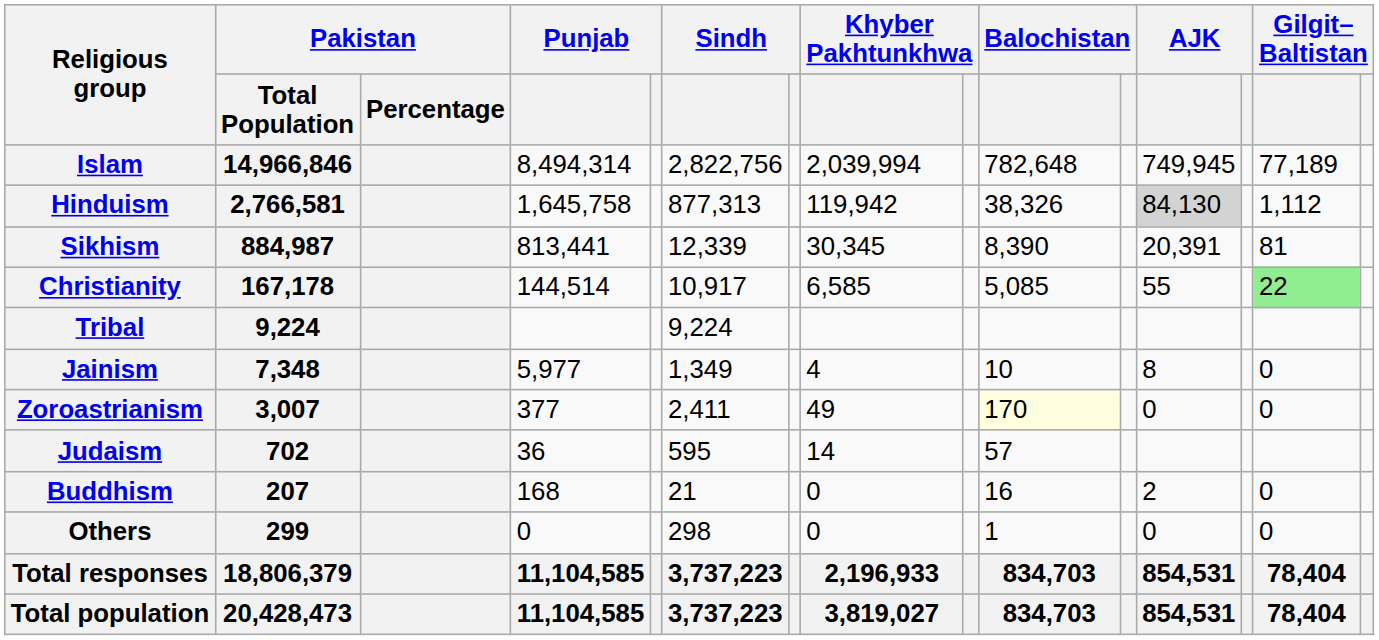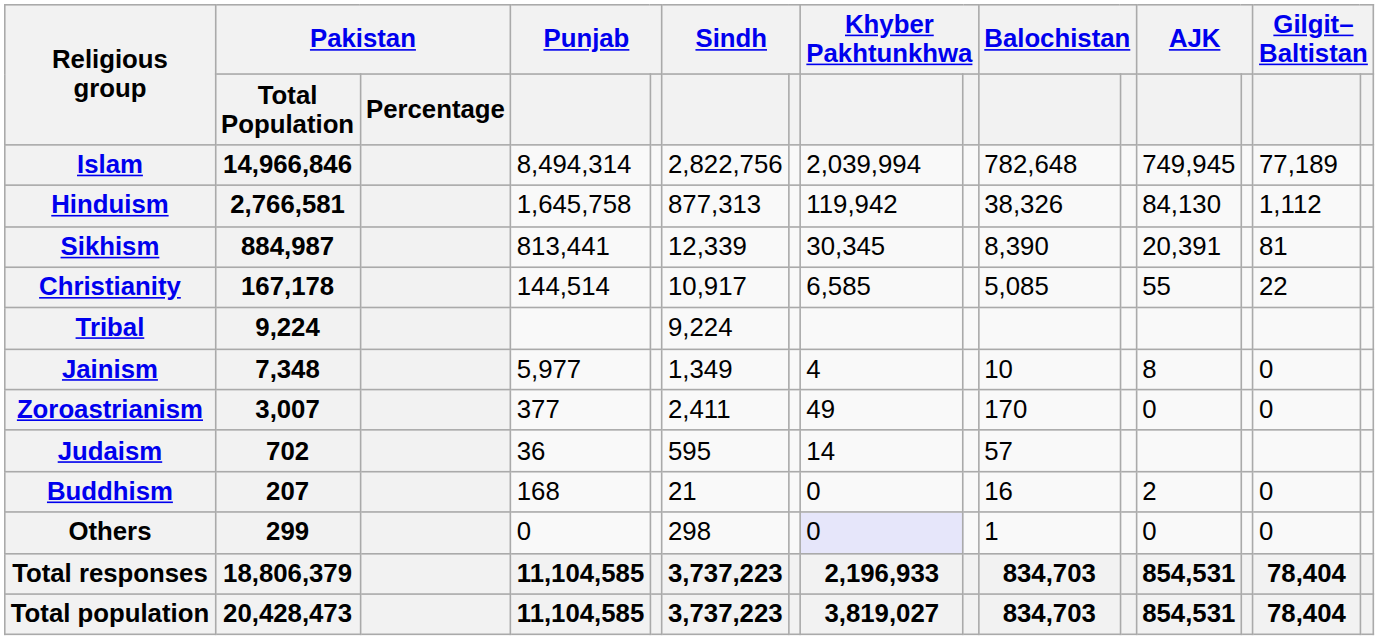 <table class="wikitable sortable">
 <tr>
 <th rowspan="2">Religious<br>group</th>
 <th colspan="2"><a href='#'>Pakistan</a></th>
 <th colspan="2"><a href='#'>Punjab</a></th>
 <th colspan="2"><a href='#'>Sindh</a></th>
 <th colspan="2"><a href='#'>Khyber<br>Pakhtunkhwa</a></th>
 <th colspan="2"><a href='#'>Balochistan</a></th>
 <th colspan="2"><a href='#'>AJK</a></th>
 <th colspan="2"><a href='#'>Gilgit–<br>Baltistan</a></th>
 </tr>
 <tr>
 <th>Total<br>Population</th>
 <th>Percentage</th>
 <th><a href='#'></a></th>
 <th></th>
 <th></th>
 <th></th>
 <th></th>
 <th></th>
 <th></th>
 <th></th>
 <th></th>
 <th></th>
 <th></th>
 <th></th>
 </tr>
 <tr>
 <th><a href='#'>Islam</a> </th>
 <th>14,966,846</th>
 <th></th>
 <td>8,494,314</td>
 <td></td>
 <td>2,822,756</td>
 <td></td>
 <td>2,039,994</td>
 <td></td>
 <td>782,648</td>
 <td></td>
 <td>749,945</td>
 <td></td>
 <td>77,189</td>
 <td></td>
 </tr>
 <tr>
 <th><a href='#'>Hinduism</a> </th>
 <th>2,766,581</th>
 <th></th>
 <td>1,645,758</td>
 <td></td>
 <td>877,313</td>
 <td></td>
 <td>119,942</td>
 <td></td>
 <td>38,326</td>
 <td></td>
-<td style="background: lightgrey;">84,130</td>
+<td>84,130</td>
 <td></td>
 <td>1,112</td>
 <td></td>
 </tr>
 <tr>
 <th><a href='#'>Sikhism</a> </th>
 <th>884,987</th>
 <th></th>
 <td>813,441</td>
 <td></td>
 <td>12,339</td>
 <td></td>
 <td>30,345</td>
 <td></td>
 <td>8,390</td>
 <td></td>
 <td>20,391</td>
 <td></td>
 <td>81</td>
 <td></td>
 </tr>
 <tr>
 <th><a href='#'>Christianity</a> </th>
 <th>167,178</th>
 <th></th>
 <td>144,514</td>
 <td></td>
 <td>10,917</td>
 <td></td>
 <td>6,585</td>
 <td></td>
 <td>5,085</td>
 <td></td>
 <td>55</td>
 <td></td>
-<td style="background: lightgreen;">22</td>
+<td>22</td>
 <td></td>
 </tr>
 <tr>
 <th><a href='#'>Tribal</a></th>
 <th>9,224</th>
 <th></th>
 <td></td>
 <td></td>
 <td>9,224</td>
 <td></td>
 <td></td>
 <td></td>
 <td></td>
 <td></td>
 <td></td>
 <td></td>
 <td></td>
 <td></td>
 </tr>
 <tr>
 <th><a href='#'>Jainism</a> </th>
 <th>7,348</th>
 <th></th>
 <td>5,977</td>
 <td></td>
 <td>1,349</td>
 <td></td>
 <td>4</td>
 <td></td>
 <td>10</td>
 <td></td>
 <td>8</td>
 <td></td>
 <td>0</td>
 <td></td>
 </tr>
 <tr>
 <th><a href='#'>Zoroastrianism</a> </th>
 <th>3,007</th>
 <th></th>
 <td>377</td>
 <td></td>
 <td>2,411</td>
 <td></td>
 <td>49</td>
 <td></td>
-<td style="background: lightyellow;">170</td>
+<td>170</td>
 <td></td>
 <td>0</td>
 <td></td>
 <td>0</td>
 <td></td>
 </tr>
 <tr>
 <th><a href='#'>Judaism</a> </th>
 <th>702</th>
 <th></th>
 <td>36</td>
 <td></td>
 <td>595</td>
 <td></td>
 <td>14</td>
 <td></td>
 <td>57</td>
 <td></td>
 <td></td>
 <td></td>
 <td></td>
 <td></td>
 </tr>
 <tr>
 <th><a href='#'>Buddhism</a> </th>
 <th>207</th>
 <th></th>
 <td>168</td>
 <td></td>
 <td>21</td>
 <td></td>
 <td>0</td>
 <td></td>
 <td>16</td>
 <td></td>
 <td>2</td>
 <td></td>
 <td>0</td>
 <td></td>
 </tr>
 <tr>
 <th>Others</th>
 <th>299</th>
 <th></th>
 <td>0</td>
 <td></td>
 <td>298</td>
 <td></td>
-<td>0</td>
+<td style="background: lavender;">0</td>
 <td></td>
 <td>1</td>
 <td></td>
 <td>0</td>
 <td></td>
 <td>0</td>
 <td></td>
 </tr>
 <tr>
 <th>Total responses</th>
 <th>18,806,379</th>
 <th></th>
 <th>11,104,585</th>
 <th></th>
 <th>3,737,223</th>
 <th></th>
 <th>2,196,933</th>
 <th></th>
 <th>834,703</th>
 <th></th>
 <th>854,531</th>
 <th></th>
 <th>78,404</th>
 <th></th>
 </tr>
 <tr>
 <th>Total population</th>
 <th>20,428,473</th>
 <th></th>
 <th>11,104,585</th>
 <th></th>
 <th>3,737,223</th>
 <th></th>
 <th>3,819,027</th>
 <th></th>
 <th>834,703</th>
 <th></th>
 <th>854,531</th>
 <th></th>
 <th>78,404</th>
 <th></th>
 </tr>
 </table>
